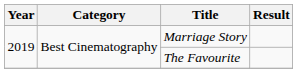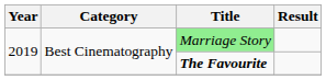 <table class="wikitable">
 <tr>
 <th>Year</th>
 <th>Category</th>
 <th>Title</th>
 <th>Result</th>
 </tr>
 <tr>
 <td rowspan="2">2019</td>
 <td rowspan="2">Best Cinematography</td>
-<td><em>Marriage Story</em></td>
+<td style="background: lightgreen;"><em>Marriage Story</em></td>
 <td></td>
 </tr>
 <tr>
-<td><em>The Favourite</em></td>
+<td><strong><em>The Favourite</em></strong></td>
 <td></td>
 </tr>
 <tr>
 </tr>
 </table>
